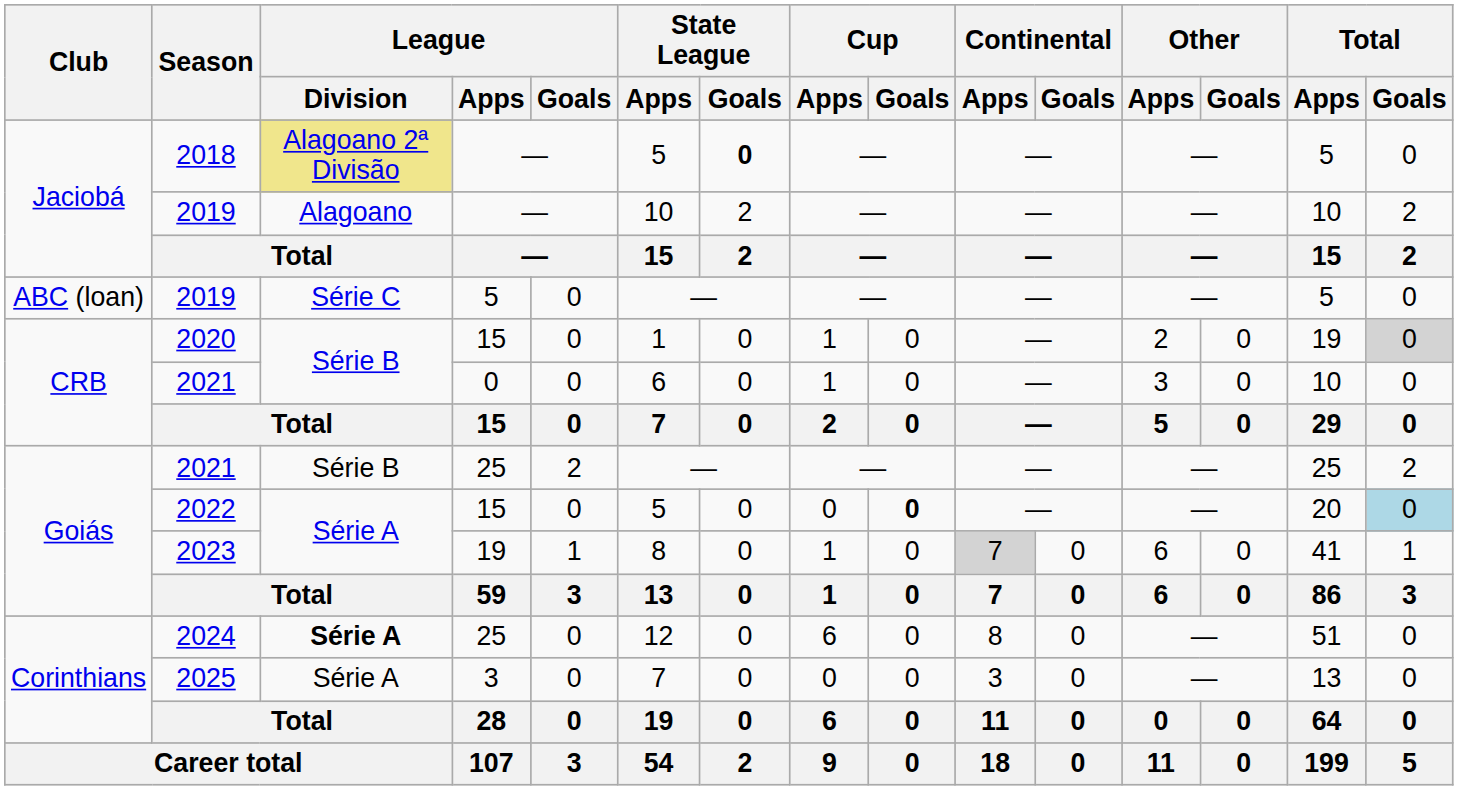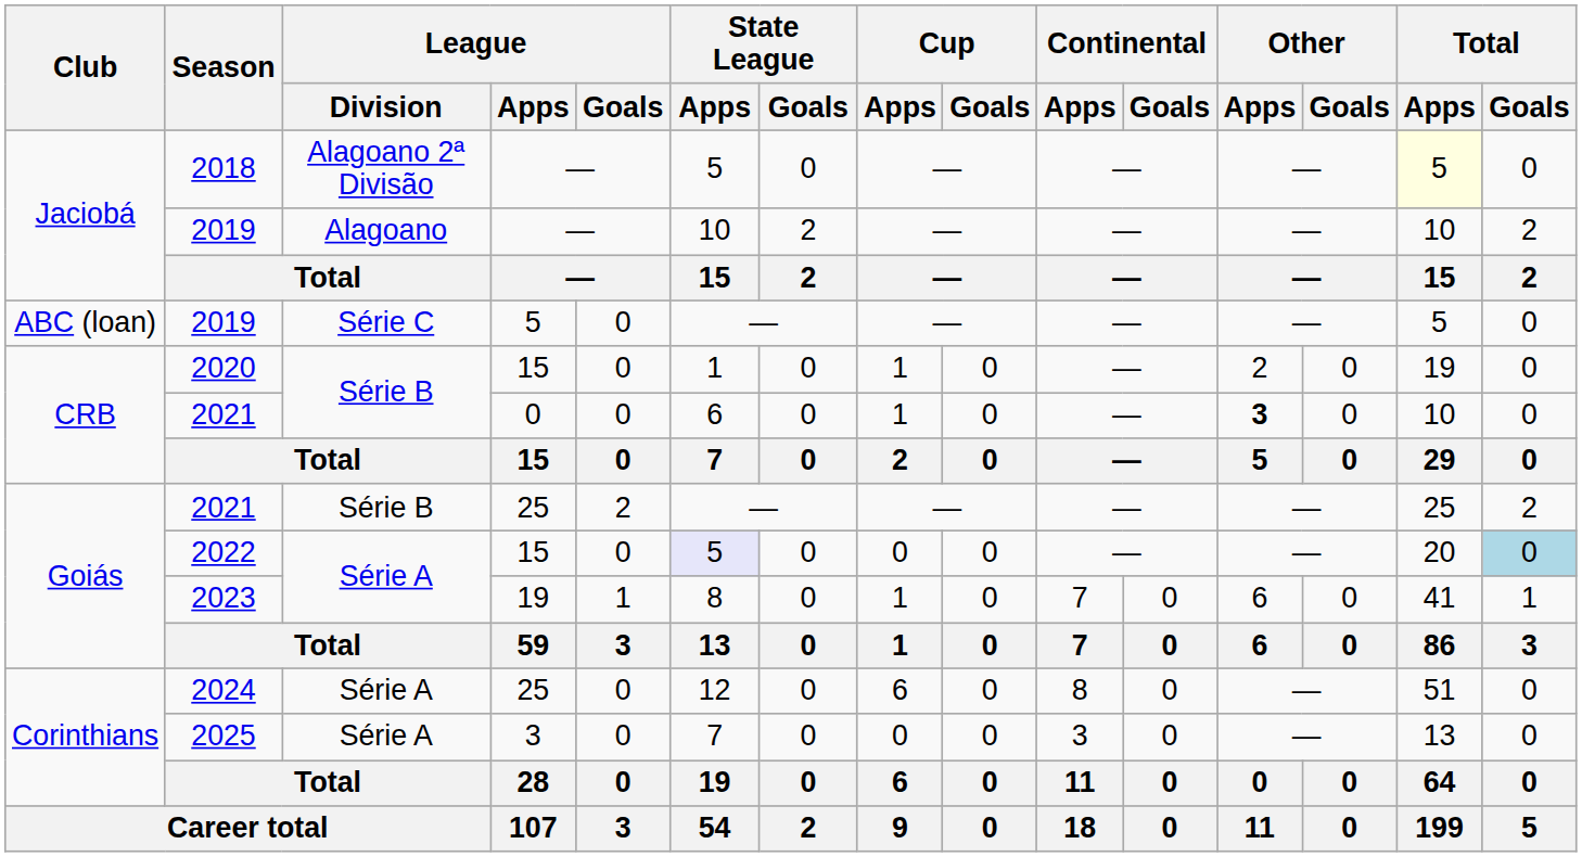 <table class="wikitable" style="text-align: center;">
 <tr>
 <th rowspan="2">Club</th>
 <th rowspan="2">Season</th>
 <th colspan="3">League</th>
 <th colspan="2">State League</th>
 <th colspan="2">Cup</th>
 <th colspan="2">Continental</th>
 <th colspan="2">Other</th>
 <th colspan="2">Total</th>
 </tr>
 <tr>
 <th>Division</th>
 <th>Apps</th>
 <th>Goals</th>
 <th>Apps</th>
 <th>Goals</th>
 <th>Apps</th>
 <th>Goals</th>
 <th>Apps</th>
 <th>Goals</th>
 <th>Apps</th>
 <th>Goals</th>
 <th>Apps</th>
 <th>Goals</th>
 </tr>
 <tr>
 <td rowspan="3" valign="center"><a href='#'>Jaciobá</a></td>
 <td><a href='#'>2018</a></td>
-<td style="background: khaki;"><a href='#'>Alagoano 2ª Divisão</a></td>
+<td><a href='#'>Alagoano 2ª Divisão</a></td>
 <td colspan="2">—</td>
 <td>5</td>
-<td><strong>0</strong></td>
+<td>0</td>
 <td colspan="2">—</td>
 <td colspan="2">—</td>
 <td colspan="2">—</td>
-<td>5</td>
+<td style="background: lightyellow;">5</td>
 <td>0</td>
 </tr>
 <tr>
 <td><a href='#'>2019</a></td>
 <td><a href='#'>Alagoano</a></td>
 <td colspan="2">—</td>
 <td>10</td>
 <td>2</td>
 <td colspan="2">—</td>
 <td colspan="2">—</td>
 <td colspan="2">—</td>
 <td>10</td>
 <td>2</td>
 </tr>
 <tr>
 <th colspan="2">Total</th>
 <th colspan="2">—</th>
 <th>15</th>
 <th>2</th>
 <th colspan="2">—</th>
 <th colspan="2">—</th>
 <th colspan="2">—</th>
 <th>15</th>
 <th>2</th>
 </tr>
 <tr>
 <td valign="center"><a href='#'>ABC</a> (loan)</td>
 <td><a href='#'>2019</a></td>
 <td><a href='#'>Série C</a></td>
 <td>5</td>
 <td>0</td>
 <td colspan="2">—</td>
 <td colspan="2">—</td>
 <td colspan="2">—</td>
 <td colspan="2">—</td>
 <td>5</td>
 <td>0</td>
 </tr>
 <tr>
 <td rowspan="3" valign="center"><a href='#'>CRB</a></td>
 <td><a href='#'>2020</a></td>
 <td rowspan="2"><a href='#'>Série B</a></td>
 <td>15</td>
 <td>0</td>
 <td>1</td>
 <td>0</td>
 <td>1</td>
 <td>0</td>
 <td colspan="2">—</td>
 <td>2</td>
 <td>0</td>
 <td>19</td>
-<td style="background: lightgrey;">0</td>
+<td>0</td>
 </tr>
 <tr>
 <td><a href='#'>2021</a></td>
 <td>0</td>
 <td>0</td>
 <td>6</td>
 <td>0</td>
 <td>1</td>
 <td>0</td>
 <td colspan="2">—</td>
-<td>3</td>
+<td><strong>3</strong></td>
 <td>0</td>
 <td>10</td>
 <td>0</td>
 </tr>
 <tr>
 <th colspan="2">Total</th>
 <th>15</th>
 <th>0</th>
 <th>7</th>
 <th>0</th>
 <th>2</th>
 <th>0</th>
 <th colspan="2">—</th>
 <th>5</th>
 <th>0</th>
 <th>29</th>
 <th>0</th>
 </tr>
 <tr>
 <td rowspan="4" valign="center"><a href='#'>Goiás</a></td>
 <td><a href='#'>2021</a></td>
 <td>Série B</td>
 <td>25</td>
 <td>2</td>
 <td colspan="2">—</td>
 <td colspan="2">—</td>
 <td colspan="2">—</td>
 <td colspan="2">—</td>
 <td>25</td>
 <td>2</td>
 </tr>
 <tr>
 <td><a href='#'>2022</a></td>
 <td rowspan="2"><a href='#'>Série A</a></td>
 <td>15</td>
 <td>0</td>
-<td>5</td>
+<td style="background: lavender;">5</td>
 <td>0</td>
 <td>0</td>
-<td><strong>0</strong></td>
+<td>0</td>
 <td colspan="2">—</td>
 <td colspan="2">—</td>
 <td>20</td>
 <td style="background: lightblue;">0</td>
 </tr>
 <tr>
 <td><a href='#'>2023</a></td>
 <td>19</td>
 <td>1</td>
 <td>8</td>
 <td>0</td>
 <td>1</td>
 <td>0</td>
-<td style="background: lightgrey;">7</td>
+<td>7</td>
 <td>0</td>
 <td>6</td>
 <td>0</td>
 <td>41</td>
 <td>1</td>
 </tr>
 <tr>
 <th colspan="2">Total</th>
 <th>59</th>
 <th>3</th>
 <th>13</th>
 <th>0</th>
 <th>1</th>
 <th>0</th>
 <th>7</th>
 <th>0</th>
 <th>6</th>
 <th>0</th>
 <th>86</th>
 <th>3</th>
 </tr>
 <tr>
 <td rowspan="3"><a href='#'>Corinthians</a></td>
 <td><a href='#'>2024</a></td>
-<td><strong>Série A</strong></td>
+<td>Série A</td>
 <td>25</td>
 <td>0</td>
 <td>12</td>
 <td>0</td>
 <td>6</td>
 <td>0</td>
 <td>8</td>
 <td>0</td>
 <td colspan="2">—</td>
 <td>51</td>
 <td>0</td>
 </tr>
 <tr>
 <td><a href='#'>2025</a></td>
 <td>Série A</td>
 <td>3</td>
 <td>0</td>
 <td>7</td>
 <td>0</td>
 <td>0</td>
 <td>0</td>
 <td>3</td>
 <td>0</td>
 <td colspan="2">—</td>
 <td>13</td>
 <td>0</td>
 </tr>
 <tr>
 <th colspan="2">Total</th>
 <th>28</th>
 <th>0</th>
 <th>19</th>
 <th>0</th>
 <th>6</th>
 <th>0</th>
 <th>11</th>
 <th>0</th>
 <th>0</th>
 <th>0</th>
 <th>64</th>
 <th>0</th>
 </tr>
 <tr>
 <th colspan="3"><strong>Career total</strong></th>
 <th>107</th>
 <th>3</th>
 <th>54</th>
 <th>2</th>
 <th>9</th>
 <th>0</th>
 <th>18</th>
 <th>0</th>
 <th>11</th>
 <th>0</th>
 <th>199</th>
 <th>5</th>
 </tr>
 </table>
